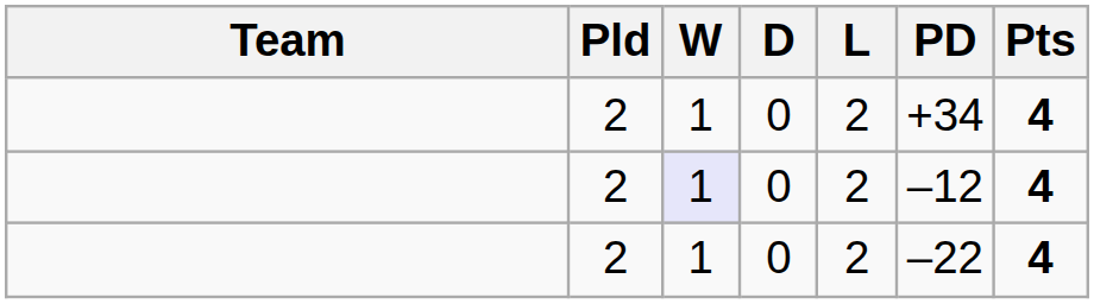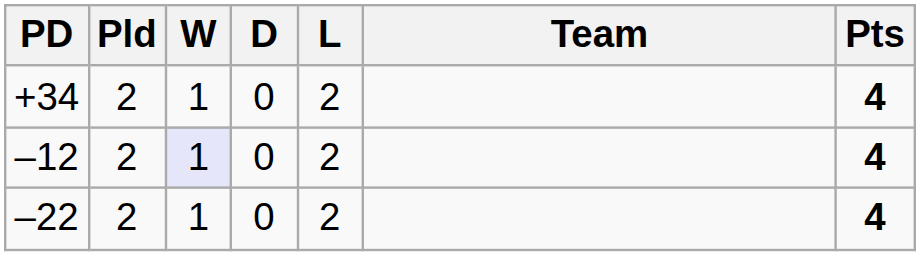 <table class="wikitable" style="text-align:center;">
 <tr>
-<th width="190">Team</th>
+<th width="25" abbr="Points difference">PD</th>
 <th width="20" abbr="Played">Pld</th>
 <th width="20" abbr="Won">W</th>
 <th width="20" abbr="Drawn">D</th>
 <th width="20" abbr="Lost">L</th>
-<th width="25" abbr="Points difference">PD</th>
+<th width="190">Team</th>
 <th width="20" abbr="Points">Pts</th>
 </tr>
 <tr>
-<td align="left"></td>
+<td>+34</td>
 <td>2</td>
 <td>1</td>
 <td>0</td>
 <td>2</td>
-<td>+34</td>
+<td align="left"></td>
 <td><strong>4</strong></td>
 </tr>
 <tr>
-<td align="left"></td>
+<td>–12</td>
 <td>2</td>
 <td style="background: lavender;">1</td>
 <td>0</td>
 <td>2</td>
-<td>–12</td>
+<td align="left"></td>
 <td><strong>4</strong></td>
 </tr>
 <tr>
-<td align="left"></td>
+<td>–22</td>
 <td>2</td>
 <td>1</td>
 <td>0</td>
 <td>2</td>
-<td>–22</td>
+<td align="left"></td>
 <td><strong>4</strong></td>
 </tr>
 </table>
